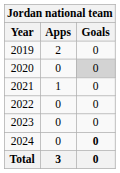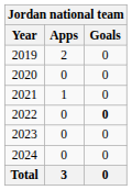 <table class="wikitable" style="text-align:center">
 <tr>
 <th colspan=3>Jordan national team</th>
 </tr>
 <tr>
 <th>Year</th>
 <th>Apps</th>
 <th>Goals</th>
 </tr>
 <tr>
 <td>2019</td>
 <td>2</td>
 <td>0</td>
 </tr>
 <tr>
 <td>2020</td>
 <td>0</td>
-<td style="background: lightgrey;">0</td>
+<td>0</td>
 </tr>
 <tr>
 <td>2021</td>
 <td>1</td>
 <td>0</td>
 </tr>
 <tr>
 <td>2022</td>
 <td>0</td>
-<td>0</td>
+<td><strong>0</strong></td>
 </tr>
 <tr>
 <td>2023</td>
 <td>0</td>
 <td>0</td>
 </tr>
 <tr>
 <td>2024</td>
 <td>0</td>
-<td><strong>0</strong></td>
+<td>0</td>
 </tr>
 <tr>
 <th>Total</th>
 <th>3</th>
 <th>0</th>
 </tr>
 </table>
